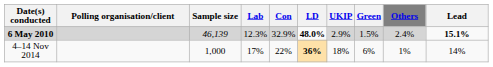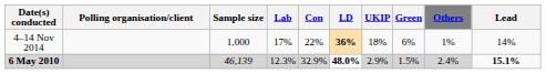 <table class="wikitable sortable" style="text-align:center;font-size:90%;line-height:14px">
 <tr>
 <th ! style="width:75px;">Date(s)<br>conducted</th>
 <th style="width:200px;">Polling organisation/client</th>
 <th class="unsortable" style="width:75px;">Sample size</th>
 <th class="unsortable" style="background:"><a href='#'><span>Lab</span></a></th>
 <th class="unsortable" style="background:"><a href='#'><span>Con</span></a></th>
 <th class="unsortable" style="background:"><a href='#'><span>LD</span></a></th>
 <th class="unsortable" style="background:"><a href='#'><span>UKIP</span></a></th>
 <th class="unsortable" style="background:"><a href='#'><span>Green</span></a></th>
 <th class="unsortable" style="background:gray; width:60px;"><a href='#'><span>Others</span></a></th>
 <th class="unsortable" style="width:90px;">Lead</th>
 </tr>
 <tr>
+<td>4–14 Nov 2014</td>
+<td></td>
+<td>1,000</td>
+<td>17%</td>
+<td>22%</td>
+<td style="background:#FEE1A8"><strong>36%</strong></td>
+<td>18%</td>
+<td>6%</td>
+<td>1%</td>
+<td style="background:">14%</td>
+</tr>
+<tr>
 <td style="background:#D5D5D5"><strong>6 May 2010</strong></td>
 <td style="background:#D5D5D5"></td>
 <td style="background:#D5D5D5"><em>46,139</em></td>
 <td style="background:#D5D5D5">12.3%</td>
 <td style="background:#D5D5D5">32.9%</td>
 <td style="background:"><strong>48.0%</strong></td>
 <td style="background:#D5D5D5">2.9%</td>
 <td style="background:#D5D5D5">1.5%</td>
 <td style="background:#D5D5D5">2.4%</td>
 <td style="background:"><strong>15.1% </strong></td>
 </tr>
-<tr>
-<td>4–14 Nov 2014</td>
-<td></td>
-<td>1,000</td>
-<td>17%</td>
-<td>22%</td>
-<td style="background:#FEE1A8"><strong>36%</strong></td>
-<td>18%</td>
-<td>6%</td>
-<td>1%</td>
-<td style="background:">14%</td>
-</tr>
 </table>
